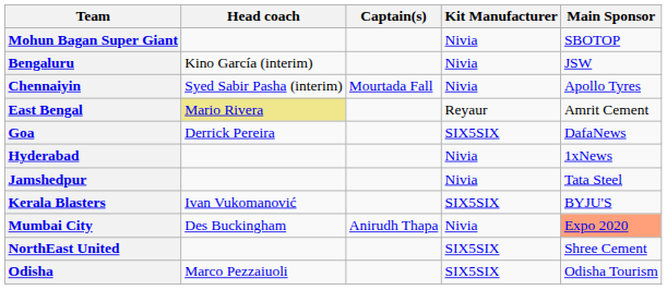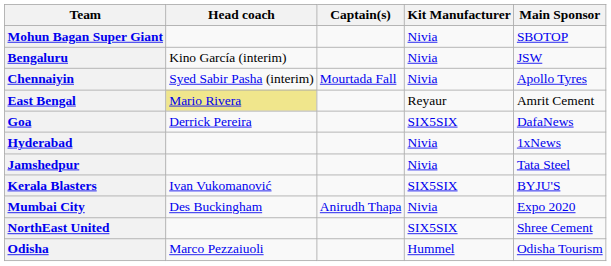 <table class="wikitable sortable" style="text-align: left; font-size:100%">
 <tr>
 <th scope=col>Team</th>
 <th scope=col>Head coach</th>
 <th scope=col>Captain(s)</th>
 <th scope=col class=unsortable>Kit Manufacturer</th>
 <th scope=col class=unsortable>Main Sponsor</th>
 </tr>
 <tr>
 <th scope=row style="text-align: left;"><a href='#'>Mohun Bagan Super Giant</a></th>
 <td>  </td>
 <td></td>
 <td><a href='#'>Nivia</a></td>
 <td><a href='#'>SBOTOP</a></td>
 </tr>
 <tr>
 <th scope=row style="text-align: left;"><a href='#'>Bengaluru</a></th>
 <td> Kino García (interim)</td>
 <td></td>
 <td><a href='#'>Nivia</a></td>
 <td><a href='#'>JSW</a></td>
 </tr>
 <tr>
 <th scope=row style="text-align: left;"><a href='#'>Chennaiyin</a></th>
 <td> <a href='#'>Syed Sabir Pasha</a> (interim)</td>
 <td> <a href='#'>Mourtada Fall</a></td>
 <td><a href='#'>Nivia</a></td>
 <td><a href='#'>Apollo Tyres</a></td>
 </tr>
 <tr>
 <th scope=row style="text-align: left;"><a href='#'>East Bengal</a></th>
 <td style="background: khaki;"> <a href='#'>Mario Rivera</a></td>
 <td></td>
 <td>Reyaur</td>
 <td>Amrit Cement</td>
 </tr>
 <tr>
 <th scope=row style="text-align: left;"><a href='#'>Goa</a></th>
 <td> <a href='#'>Derrick Pereira</a></td>
 <td></td>
 <td><a href='#'>SIX5SIX</a></td>
 <td><a href='#'>DafaNews</a></td>
 </tr>
 <tr>
 <th scope=row style="text-align: left;"><a href='#'>Hyderabad</a></th>
 <td> </td>
 <td></td>
 <td><a href='#'>Nivia</a></td>
 <td><a href='#'>1xNews</a></td>
 </tr>
 <tr>
 <th scope=row style="text-align: left;"><a href='#'>Jamshedpur</a></th>
 <td> </td>
 <td> </td>
 <td><a href='#'>Nivia</a></td>
 <td><a href='#'>Tata Steel</a></td>
 </tr>
 <tr>
 <th scope=row style="text-align: left;"><a href='#'>Kerala Blasters</a></th>
 <td> <a href='#'>Ivan Vukomanović</a></td>
 <td></td>
 <td><a href='#'>SIX5SIX</a></td>
 <td><a href='#'>BYJU'S</a></td>
 </tr>
 <tr>
 <th scope=row style="text-align: left;"><a href='#'>Mumbai City</a></th>
 <td> <a href='#'>Des Buckingham</a></td>
 <td> <a href='#'>Anirudh Thapa</a></td>
 <td><a href='#'>Nivia</a></td>
-<td style="background: lightsalmon;"><a href='#'>Expo 2020</a></td>
+<td><a href='#'>Expo 2020</a></td>
 </tr>
 <tr>
 <th scope=row style="text-align: left;"><a href='#'>NorthEast United</a></th>
 <td> </td>
 <td></td>
 <td><a href='#'>SIX5SIX</a></td>
 <td><a href='#'>Shree Cement</a></td>
 </tr>
 <tr>
 <th scope=row style="text-align: left;"><a href='#'>Odisha</a></th>
 <td> <a href='#'>Marco Pezzaiuoli</a></td>
 <td></td>
-<td><a href='#'>SIX5SIX</a></td>
+<td><a href='#'>Hummel</a></td>
 <td><a href='#'>Odisha Tourism</a></td>
 </tr>
 </table>
